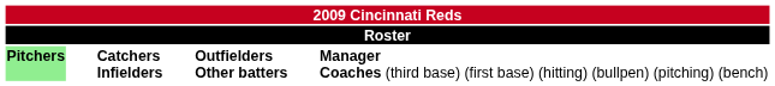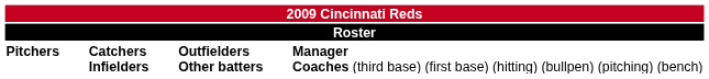 <table class="toccolours" style="font-size: 95%;">
 <tr>
 <th colspan="10" style="background-color: #c6011f; color: #FFFFFF; text-align: center;">2009 Cincinnati Reds</th>
 </tr>
 <tr>
 <td colspan="10" style="background-color: black; color: #FFFFFF; text-align: center;"><strong>Roster</strong></td>
 </tr>
 <tr>
-<td valign="top" style="background: lightgreen;"><strong>Pitchers</strong><br>                    </td>
+<td valign="top"><strong>Pitchers</strong><br>                    </td>
 <td width="25px"></td>
 <td valign="top"><strong>Catchers</strong><br>    <strong>Infielders</strong>            </td>
 <td width="25px"></td>
 <td valign="top"><strong>Outfielders</strong><br>        <strong>Other batters</strong> </td>
 <td width="25px"></td>
 <td valign="top"><strong>Manager</strong><br> <strong>Coaches</strong>  (third base)  (first base)  (hitting)  (bullpen)  (pitching)  (bench)</td>
 </tr>
 </table>
